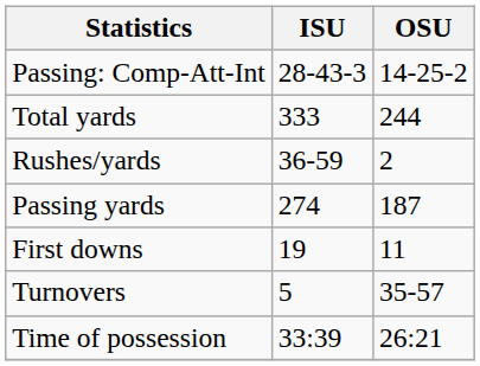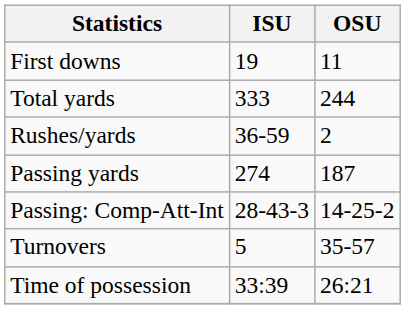 <table class="wikitable" style="float: left;">
 <tr>
 <th>Statistics</th>
 <th>ISU</th>
 <th>OSU</th>
 </tr>
 <tr>
-<td>Passing: Comp-Att-Int</td>
-<td>28-43-3</td>
-<td>14-25-2</td>
+<td>First downs</td>
+<td>19</td>
+<td>11</td>
 </tr>
 <tr>
 <td>Total yards</td>
 <td>333</td>
 <td>244</td>
 </tr>
 <tr>
 <td>Rushes/yards</td>
 <td>36-59</td>
 <td>2</td>
 </tr>
 <tr>
 <td>Passing yards</td>
 <td>274</td>
 <td>187</td>
 </tr>
 <tr>
-<td>First downs</td>
-<td>19</td>
-<td>11</td>
+<td>Passing: Comp-Att-Int</td>
+<td>28-43-3</td>
+<td>14-25-2</td>
 </tr>
 <tr>
 <td>Turnovers</td>
 <td>5</td>
 <td>35-57</td>
 </tr>
 <tr>
 <td>Time of possession</td>
 <td>33:39</td>
 <td>26:21</td>
 </tr>
 <tr>
 </tr>
 </table>
